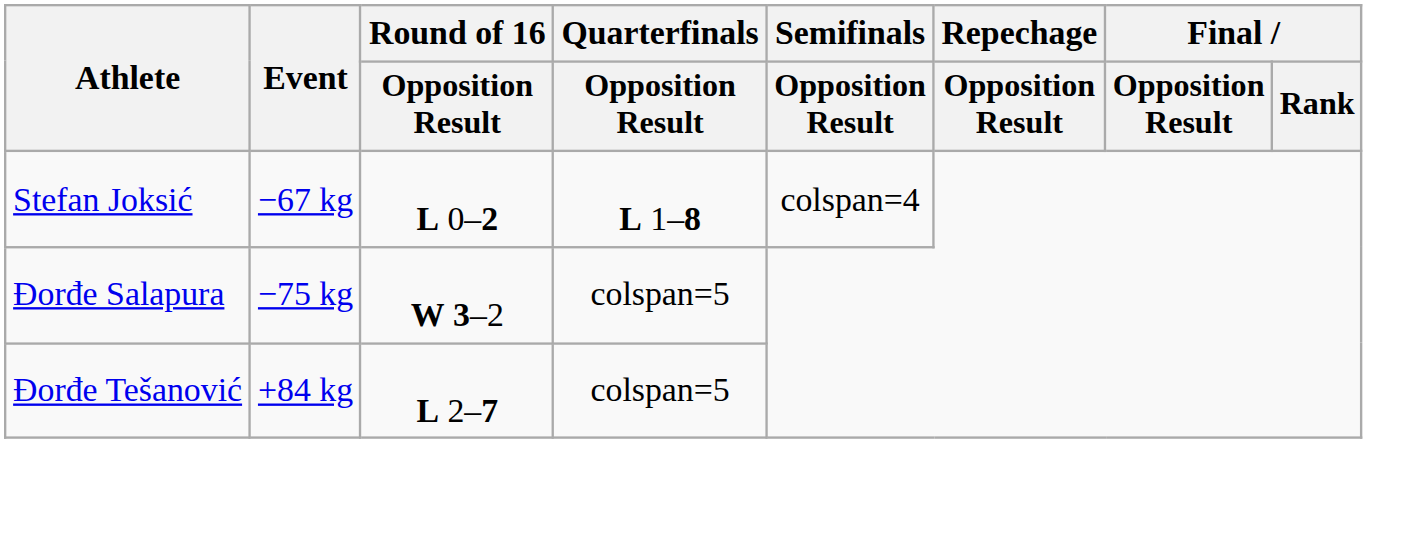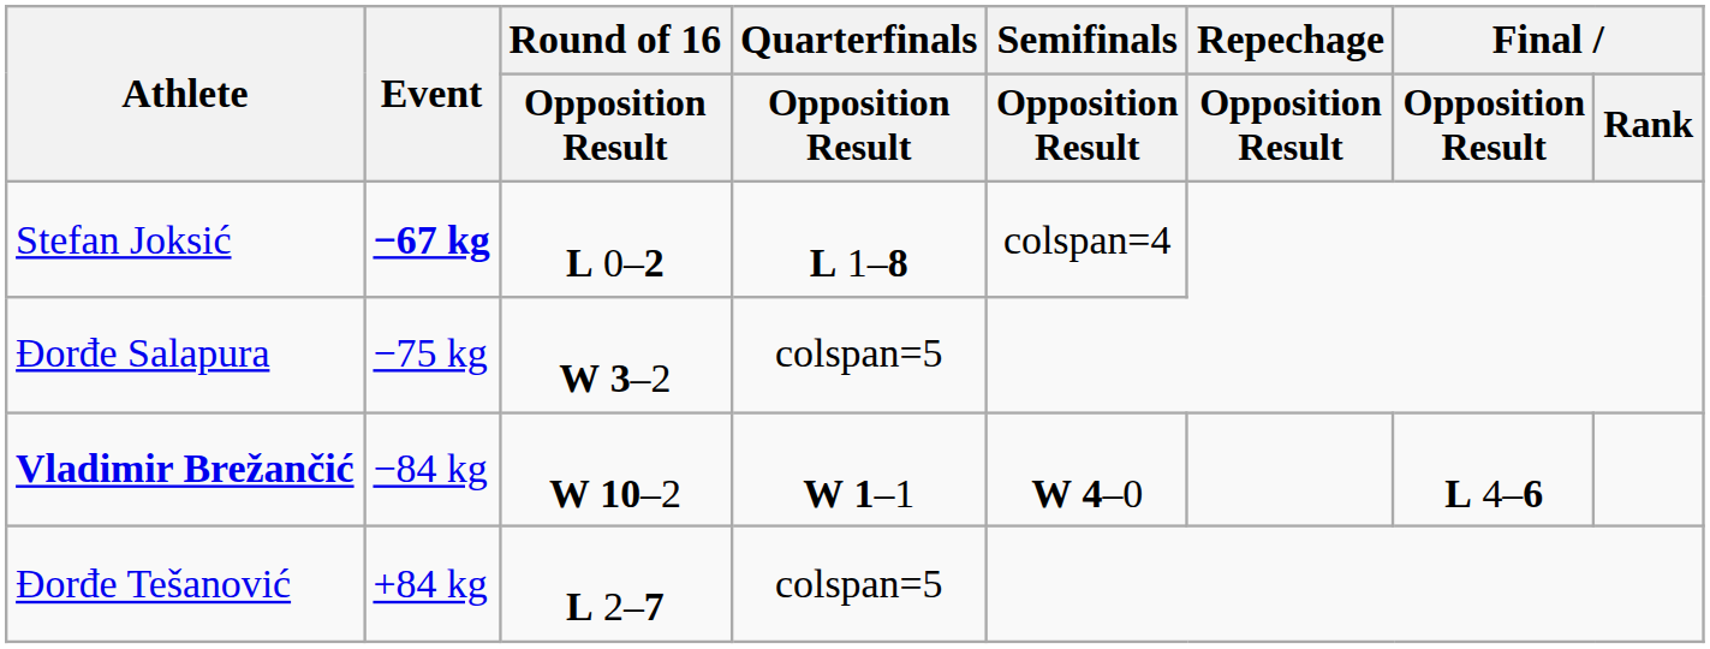 <table class="wikitable" style="font-size:90%">
 <tr>
 <th rowspan="2">Athlete</th>
 <th rowspan="2">Event</th>
 <th>Round of 16</th>
 <th>Quarterfinals</th>
 <th>Semifinals</th>
 <th>Repechage</th>
 <th colspan=2>Final / </th>
 </tr>
 <tr style="font-size:95%">
 <th>Opposition<br>Result</th>
 <th>Opposition<br>Result</th>
 <th>Opposition<br>Result</th>
 <th>Opposition<br>Result</th>
 <th>Opposition<br>Result</th>
 <th>Rank</th>
 </tr>
 <tr align=center>
 <td align=left><a href='#'>Stefan Joksić</a></td>
-<td align=left><a href='#'>−67 kg</a></td>
+<td align=left><strong><a href='#'>−67 kg</a></strong></td>
 <td><br><strong>L</strong> 0–<strong>2</strong></td>
 <td><br><strong>L</strong> 1–<strong>8</strong></td>
 <td>colspan=4 </td>
 </tr>
 <tr align=center>
 <td align=left><a href='#'>Đorđe Salapura</a></td>
 <td align=left><a href='#'>−75 kg</a></td>
 <td><br><strong>W</strong> <strong>3</strong>–2</td>
 <td>colspan=5 </td>
 </tr>
 <tr align=center>
+<td align=left><strong><a href='#'>Vladimir Brežančić</a></strong></td>
+<td align=left><a href='#'>−84 kg</a></td>
+<td><br><strong>W</strong> <strong>10</strong>–2</td>
+<td><br><strong>W</strong> <strong>1</strong>–1</td>
+<td><br><strong>W</strong> <strong>4</strong>–0</td>
+<td></td>
+<td><br><strong>L</strong> 4–<strong>6</strong></td>
+<td></td>
+</tr>
+<tr align=center>
 <td align=left><a href='#'>Đorđe Tešanović</a></td>
 <td align=left><a href='#'>+84 kg</a></td>
 <td><br><strong>L</strong> 2–<strong>7</strong></td>
 <td>colspan=5 </td>
 </tr>
 </table>
